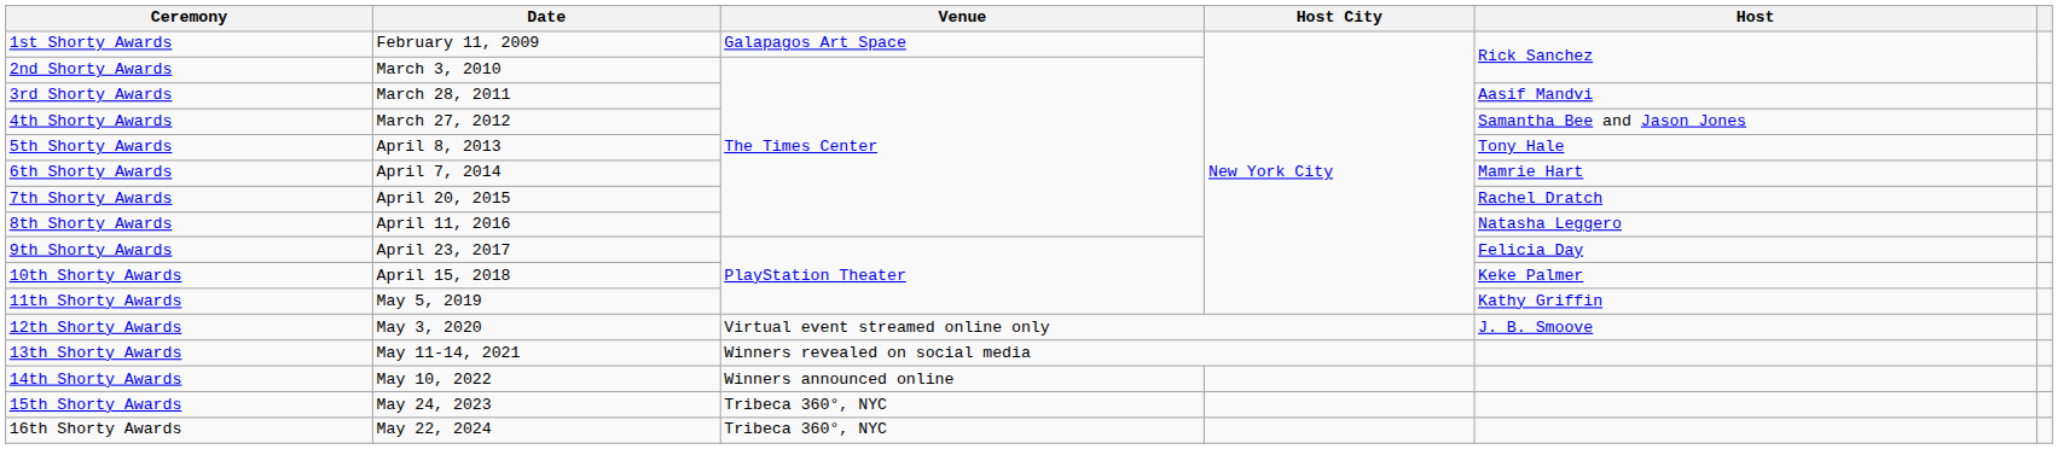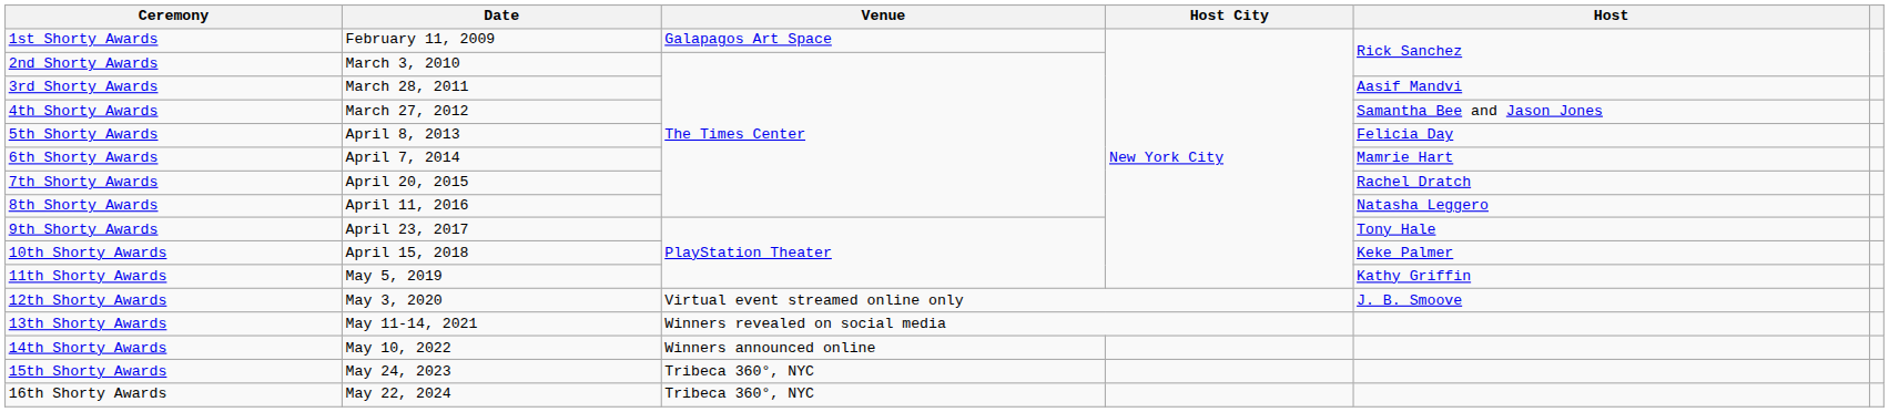 <table class="wikitable"  style="font-size:95%; width:100%;">
 <tr>
 <th>Ceremony</th>
 <th>Date</th>
 <th>Venue</th>
 <th>Host City</th>
 <th>Host</th>
 <th></th>
 </tr>
 <tr>
 <td><a href='#'>1st Shorty Awards</a></td>
 <td>February 11, 2009</td>
 <td><a href='#'>Galapagos Art Space</a></td>
 <td rowspan="11"><a href='#'>New York City</a></td>
 <td rowspan="2"><a href='#'>Rick Sanchez</a></td>
 <td rowspan="2"></td>
 </tr>
 <tr>
 <td><a href='#'>2nd Shorty Awards</a></td>
 <td>March 3, 2010</td>
 <td rowspan="7"><a href='#'>The Times Center</a></td>
 </tr>
 <tr>
 <td><a href='#'>3rd Shorty Awards</a></td>
 <td>March 28, 2011</td>
 <td><a href='#'>Aasif Mandvi</a></td>
 <td></td>
 </tr>
 <tr>
 <td><a href='#'>4th Shorty Awards</a></td>
 <td>March 27, 2012</td>
 <td><a href='#'>Samantha Bee</a> and <a href='#'>Jason Jones</a></td>
 <td></td>
 </tr>
 <tr>
 <td><a href='#'>5th Shorty Awards</a></td>
 <td>April 8, 2013</td>
-<td><a href='#'>Tony Hale</a></td>
+<td><a href='#'>Felicia Day</a></td>
 <td></td>
 </tr>
 <tr>
 <td><a href='#'>6th Shorty Awards</a></td>
 <td>April 7, 2014</td>
 <td><a href='#'>Mamrie Hart</a></td>
 <td></td>
 </tr>
 <tr>
 <td><a href='#'>7th Shorty Awards</a></td>
 <td>April 20, 2015</td>
 <td><a href='#'>Rachel Dratch</a></td>
 <td></td>
 </tr>
 <tr>
 <td><a href='#'>8th Shorty Awards</a></td>
 <td>April 11, 2016</td>
 <td><a href='#'>Natasha Leggero</a></td>
 <td></td>
 </tr>
 <tr>
 <td><a href='#'>9th Shorty Awards</a></td>
 <td>April 23, 2017</td>
 <td rowspan="3"><a href='#'>PlayStation Theater</a></td>
-<td><a href='#'>Felicia Day</a></td>
+<td><a href='#'>Tony Hale</a></td>
 <td></td>
 </tr>
 <tr>
 <td><a href='#'>10th Shorty Awards</a></td>
 <td>April 15, 2018</td>
 <td><a href='#'>Keke Palmer</a></td>
 <td></td>
 </tr>
 <tr>
 <td><a href='#'>11th Shorty Awards</a></td>
 <td>May 5, 2019</td>
 <td><a href='#'>Kathy Griffin</a></td>
 <td></td>
 </tr>
 <tr>
 <td><a href='#'>12th Shorty Awards</a></td>
 <td>May 3, 2020</td>
 <td colspan="2">Virtual event streamed online only</td>
 <td><a href='#'>J. B. Smoove</a></td>
 <td></td>
 </tr>
 <tr>
 <td><a href='#'>13th Shorty Awards</a></td>
 <td>May 11-14, 2021</td>
 <td colspan="2">Winners revealed on social media</td>
 <td></td>
 <td></td>
 </tr>
 <tr>
 <td><a href='#'>14th Shorty Awards</a></td>
 <td>May 10, 2022</td>
 <td>Winners announced online</td>
 <td></td>
 <td></td>
 <td></td>
 </tr>
 <tr>
 <td><a href='#'>15th Shorty Awards</a></td>
 <td>May 24, 2023</td>
 <td>Tribeca 360°, NYC</td>
 <td></td>
 <td></td>
 <td></td>
 </tr>
 <tr>
 <td>16th Shorty Awards</td>
 <td>May 22, 2024</td>
 <td>Tribeca 360°, NYC</td>
 <td></td>
 <td></td>
 <td></td>
 </tr>
 </table>
